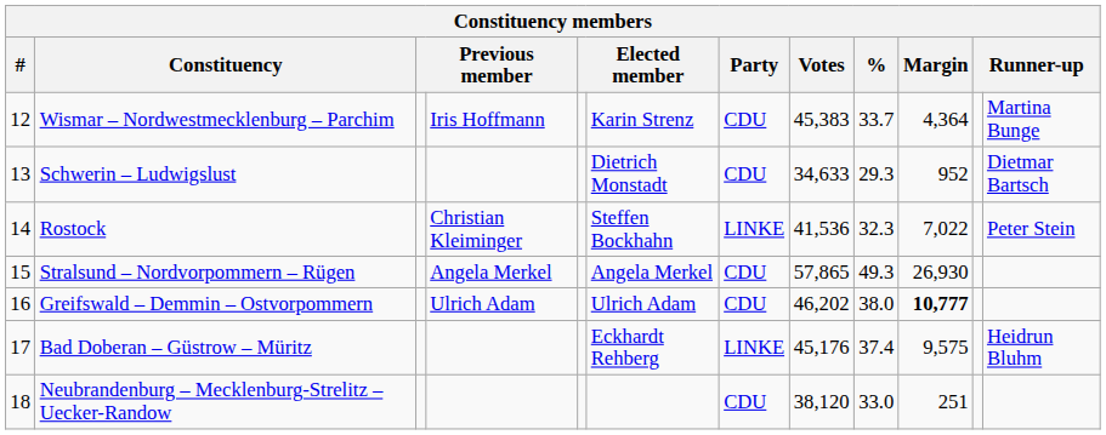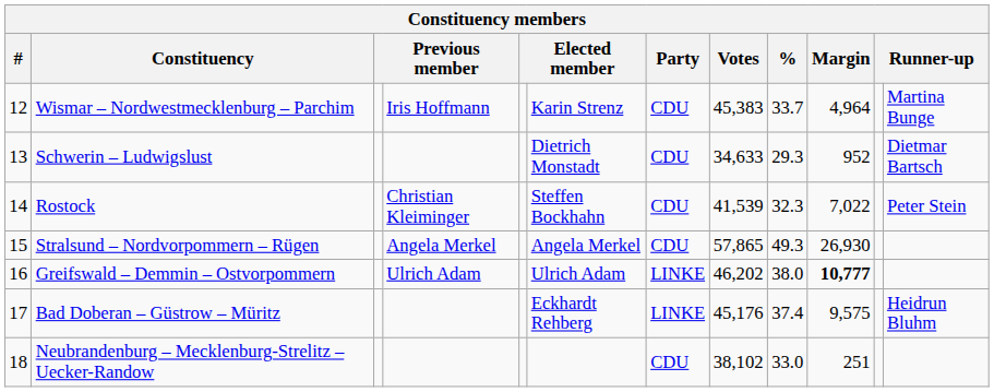 <table class="wikitable sortable" style="text-align:right">
 <tr>
 <th colspan="12">Constituency members</th>
 </tr>
 <tr>
 <th>#</th>
 <th>Constituency</th>
 <th colspan="2">Previous member</th>
 <th colspan="2">Elected member</th>
 <th>Party</th>
 <th>Votes</th>
 <th>%</th>
 <th>Margin</th>
 <th colspan="2">Runner-up</th>
 </tr>
 <tr>
 <td>12</td>
 <td align=left><a href='#'>Wismar – Nordwestmecklenburg – Parchim</a></td>
 <td bgcolor=></td>
 <td align=left><a href='#'>Iris Hoffmann</a></td>
 <td bgcolor=></td>
 <td align=left><a href='#'>Karin Strenz</a></td>
 <td align=left><a href='#'>CDU</a></td>
 <td>45,383</td>
 <td>33.7</td>
-<td>4,364</td>
+<td>4,964</td>
 <td bgcolor=></td>
 <td align=left><a href='#'>Martina Bunge</a></td>
 </tr>
 <tr>
 <td>13</td>
 <td align=left><a href='#'>Schwerin – Ludwigslust</a></td>
 <td bgcolor=></td>
 <td align=left></td>
 <td></td>
 <td align=left><a href='#'>Dietrich Monstadt</a></td>
 <td align=left><a href='#'>CDU</a></td>
 <td>34,633</td>
 <td>29.3</td>
 <td>952</td>
 <td bgcolor=></td>
 <td align=left><a href='#'>Dietmar Bartsch</a></td>
 </tr>
 <tr>
 <td>14</td>
 <td align=left><a href='#'>Rostock</a></td>
 <td bgcolor=></td>
 <td align=left><a href='#'>Christian Kleiminger</a></td>
 <td bgcolor=></td>
 <td align=left><a href='#'>Steffen Bockhahn</a></td>
-<td align=left><a href='#'>LINKE</a></td>
-<td>41,536</td>
+<td align=left><a href='#'>CDU</a></td>
+<td>41,539</td>
 <td>32.3</td>
 <td>7,022</td>
 <td bgcolor=></td>
 <td align=left><a href='#'>Peter Stein</a></td>
 </tr>
 <tr>
 <td>15</td>
 <td align=left><a href='#'>Stralsund – Nordvorpommern – Rügen</a></td>
 <td bgcolor=></td>
 <td align=left><a href='#'>Angela Merkel</a></td>
 <td bgcolor=></td>
 <td align=left><a href='#'>Angela Merkel</a></td>
 <td align=left><a href='#'>CDU</a></td>
 <td>57,865</td>
 <td>49.3</td>
 <td>26,930</td>
 <td bgcolor=></td>
 <td align=left></td>
 </tr>
 <tr>
 <td>16</td>
 <td align=left><a href='#'>Greifswald – Demmin – Ostvorpommern</a></td>
 <td></td>
 <td align=left><a href='#'>Ulrich Adam</a></td>
 <td bgcolor=></td>
 <td align=left><a href='#'>Ulrich Adam</a></td>
-<td align=left><a href='#'>CDU</a></td>
+<td align=left><a href='#'>LINKE</a></td>
 <td>46,202</td>
 <td>38.0</td>
 <td><strong>10,777</strong></td>
 <td bgcolor=></td>
 <td align=left></td>
 </tr>
 <tr>
 <td>17</td>
 <td align=left><a href='#'>Bad Doberan – Güstrow – Müritz</a></td>
 <td bgcolor=></td>
 <td align=left></td>
 <td></td>
 <td align=left><a href='#'>Eckhardt Rehberg</a></td>
 <td align=left><a href='#'>LINKE</a></td>
 <td>45,176</td>
 <td>37.4</td>
 <td>9,575</td>
 <td bgcolor=></td>
 <td align=left><a href='#'>Heidrun Bluhm</a></td>
 </tr>
 <tr>
 <td>18</td>
 <td align=left><a href='#'>Neubrandenburg – Mecklenburg-Strelitz – Uecker-Randow</a></td>
 <td></td>
 <td align=left></td>
 <td></td>
 <td align=left></td>
 <td align="left"><a href='#'>CDU</a></td>
-<td>38,120</td>
+<td>38,102</td>
 <td>33.0</td>
 <td>251</td>
 <td bgcolor=></td>
 <td align=left></td>
 </tr>
 </table>
